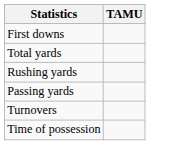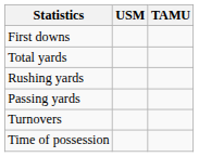 <table class="wikitable" style="float: left;">
 <tr>
 <th>Statistics</th>
+<th>USM</th>
 <th>TAMU</th>
 </tr>
 <tr>
 <td>First downs</td>
 <td></td>
+<td></td>
 </tr>
 <tr>
 <td>Total yards</td>
+<td></td>
 <td></td>
 </tr>
 <tr>
 <td>Rushing yards</td>
 <td></td>
+<td></td>
 </tr>
 <tr>
 <td>Passing yards</td>
+<td></td>
 <td></td>
 </tr>
 <tr>
 <td>Turnovers</td>
 <td></td>
+<td></td>
 </tr>
 <tr>
 <td>Time of possession</td>
 <td></td>
+<td></td>
 </tr>
 </table>
